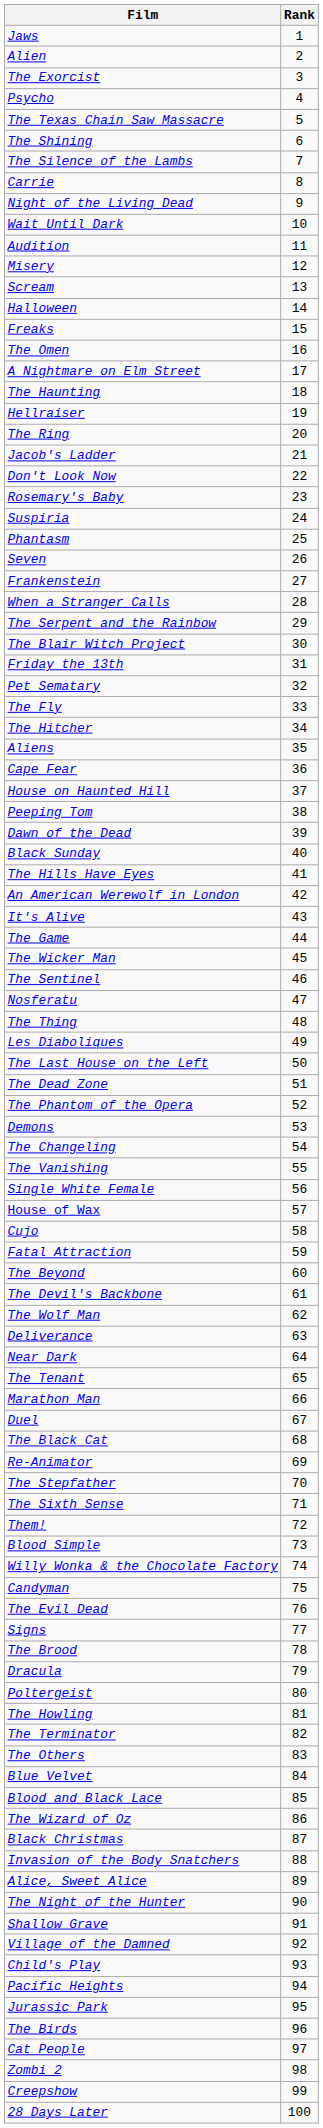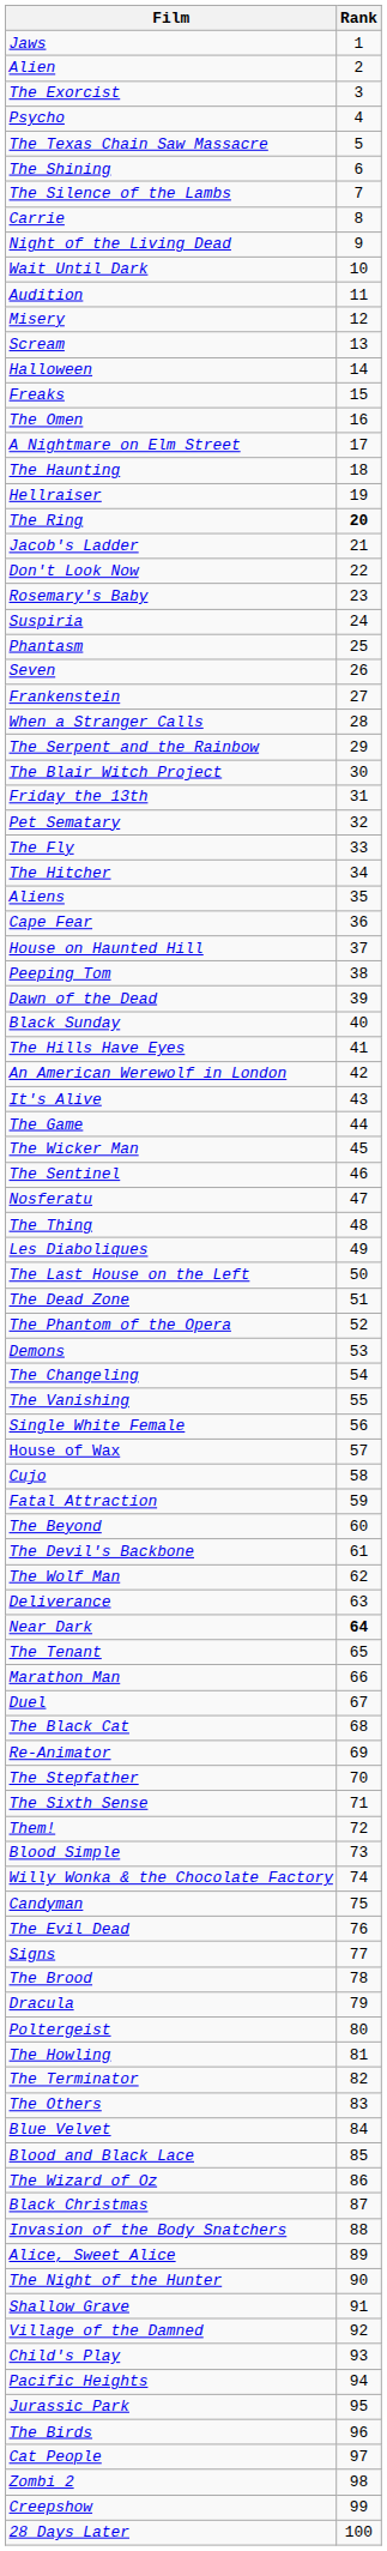 <table class="sortable wikitable" style="text-align:center; white-space:nowrap;">
 <tr>
 <th>Film</th>
 <th>Rank</th>
 </tr>
 <tr>
 <td align="left"><em><a href='#'>Jaws</a></em></td>
 <td>1</td>
 </tr>
 <tr>
 <td align="left"><em><a href='#'>Alien</a></em></td>
 <td>2</td>
 </tr>
 <tr>
 <td align="left"><em><a href='#'>The Exorcist</a></em></td>
 <td>3</td>
 </tr>
 <tr>
 <td align="left"><em><a href='#'>Psycho</a></em></td>
 <td>4</td>
 </tr>
 <tr>
 <td align="left"><em><a href='#'>The Texas Chain Saw Massacre</a></em></td>
 <td>5</td>
 </tr>
 <tr>
 <td align="left"><em><a href='#'>The Shining</a></em></td>
 <td>6</td>
 </tr>
 <tr>
 <td align="left"><em><a href='#'>The Silence of the Lambs</a></em></td>
 <td>7</td>
 </tr>
 <tr>
 <td align="left"><em><a href='#'>Carrie</a></em></td>
 <td>8</td>
 </tr>
 <tr>
 <td align="left"><em><a href='#'>Night of the Living Dead</a></em></td>
 <td>9</td>
 </tr>
 <tr>
 <td align="left"><em><a href='#'>Wait Until Dark</a></em></td>
 <td>10</td>
 </tr>
 <tr>
 <td align="left"><em><a href='#'>Audition</a></em></td>
 <td>11</td>
 </tr>
 <tr>
 <td align="left"><em><a href='#'>Misery</a></em></td>
 <td>12</td>
 </tr>
 <tr>
 <td align="left"><em><a href='#'>Scream</a></em></td>
 <td>13</td>
 </tr>
 <tr>
 <td align="left"><em><a href='#'>Halloween</a></em></td>
 <td>14</td>
 </tr>
 <tr>
 <td align="left"><em><a href='#'>Freaks</a></em></td>
 <td>15</td>
 </tr>
 <tr>
 <td align="left"><em><a href='#'>The Omen</a></em></td>
 <td>16</td>
 </tr>
 <tr>
 <td align="left"><em><a href='#'>A Nightmare on Elm Street</a></em></td>
 <td>17</td>
 </tr>
 <tr>
 <td align="left"><em><a href='#'>The Haunting</a></em></td>
 <td>18</td>
 </tr>
 <tr>
 <td align="left"><em><a href='#'>Hellraiser</a></em></td>
 <td>19</td>
 </tr>
 <tr>
 <td align="left"><em><a href='#'>The Ring</a></em></td>
-<td>20</td>
+<td><strong>20</strong></td>
 </tr>
 <tr>
 <td align="left"><em><a href='#'>Jacob's Ladder</a></em></td>
 <td>21</td>
 </tr>
 <tr>
 <td align="left"><em><a href='#'>Don't Look Now</a></em></td>
 <td>22</td>
 </tr>
 <tr>
 <td align="left"><em><a href='#'>Rosemary's Baby</a></em></td>
 <td>23</td>
 </tr>
 <tr>
 <td align="left"><em><a href='#'>Suspiria</a></em></td>
 <td>24</td>
 </tr>
 <tr>
 <td align="left"><em><a href='#'>Phantasm</a></em></td>
 <td>25</td>
 </tr>
 <tr>
 <td align="left"><em><a href='#'>Seven</a></em></td>
 <td>26</td>
 </tr>
 <tr>
 <td align="left"><em><a href='#'>Frankenstein</a></em></td>
 <td>27</td>
 </tr>
 <tr>
 <td align="left"><em><a href='#'>When a Stranger Calls</a></em></td>
 <td>28</td>
 </tr>
 <tr>
 <td align="left"><em><a href='#'>The Serpent and the Rainbow</a></em></td>
 <td>29</td>
 </tr>
 <tr>
 <td align="left"><em><a href='#'>The Blair Witch Project</a></em></td>
 <td>30</td>
 </tr>
 <tr>
 <td align="left"><em><a href='#'>Friday the 13th</a></em></td>
 <td>31</td>
 </tr>
 <tr>
 <td align="left"><em><a href='#'>Pet Sematary</a></em></td>
 <td>32</td>
 </tr>
 <tr>
 <td align="left"><em><a href='#'>The Fly</a></em></td>
 <td>33</td>
 </tr>
 <tr>
 <td align="left"><em><a href='#'>The Hitcher</a></em></td>
 <td>34</td>
 </tr>
 <tr>
 <td align="left"><em><a href='#'>Aliens</a></em></td>
 <td>35</td>
 </tr>
 <tr>
 <td align="left"><em><a href='#'>Cape Fear</a></em></td>
 <td>36</td>
 </tr>
 <tr>
 <td align="left"><em><a href='#'>House on Haunted Hill</a></em></td>
 <td>37</td>
 </tr>
 <tr>
 <td align="left"><em><a href='#'>Peeping Tom</a></em></td>
 <td>38</td>
 </tr>
 <tr>
 <td align="left"><em><a href='#'>Dawn of the Dead</a></em></td>
 <td>39</td>
 </tr>
 <tr>
 <td align="left"><em><a href='#'>Black Sunday</a></em></td>
 <td>40</td>
 </tr>
 <tr>
 <td align="left"><em><a href='#'>The Hills Have Eyes</a></em></td>
 <td>41</td>
 </tr>
 <tr>
 <td align="left"><em><a href='#'>An American Werewolf in London</a></em></td>
 <td>42</td>
 </tr>
 <tr>
 <td align="left"><em><a href='#'>It's Alive</a></em></td>
 <td>43</td>
 </tr>
 <tr>
 <td align="left"><em><a href='#'>The Game</a></em></td>
 <td>44</td>
 </tr>
 <tr>
 <td align="left"><em><a href='#'>The Wicker Man</a></em></td>
 <td>45</td>
 </tr>
 <tr>
 <td align="left"><em><a href='#'>The Sentinel</a></em></td>
 <td>46</td>
 </tr>
 <tr>
 <td align="left"><em><a href='#'>Nosferatu</a></em></td>
 <td>47</td>
 </tr>
 <tr>
 <td align="left"><em><a href='#'>The Thing</a></em></td>
 <td>48</td>
 </tr>
 <tr>
 <td align="left"><em><a href='#'>Les Diaboliques</a></em></td>
 <td>49</td>
 </tr>
 <tr>
 <td align="left"><em><a href='#'>The Last House on the Left</a></em></td>
 <td>50</td>
 </tr>
 <tr>
 <td align="left"><em><a href='#'>The Dead Zone</a></em></td>
 <td>51</td>
 </tr>
 <tr>
 <td align="left"><em><a href='#'>The Phantom of the Opera</a></em></td>
 <td>52</td>
 </tr>
 <tr>
 <td align="left"><em><a href='#'>Demons</a></em></td>
 <td>53</td>
 </tr>
 <tr>
 <td align="left"><em><a href='#'>The Changeling</a></em></td>
 <td>54</td>
 </tr>
 <tr>
 <td align="left"><em><a href='#'>The Vanishing</a></em></td>
 <td>55</td>
 </tr>
 <tr>
 <td align="left"><em><a href='#'>Single White Female</a></em></td>
 <td>56</td>
 </tr>
 <tr>
 <td align="left"><em><a href='#'></em>House of Wax<em></a></em></td>
 <td>57</td>
 </tr>
 <tr>
 <td align="left"><em><a href='#'>Cujo</a></em></td>
 <td>58</td>
 </tr>
 <tr>
 <td align="left"><em><a href='#'>Fatal Attraction</a></em></td>
 <td>59</td>
 </tr>
 <tr>
 <td align="left"><em><a href='#'>The Beyond</a></em></td>
 <td>60</td>
 </tr>
 <tr>
 <td align="left"><em><a href='#'>The Devil's Backbone</a></em></td>
 <td>61</td>
 </tr>
 <tr>
 <td align="left"><em><a href='#'>The Wolf Man</a></em></td>
 <td>62</td>
 </tr>
 <tr>
 <td align="left"><em><a href='#'>Deliverance</a></em></td>
 <td>63</td>
 </tr>
 <tr>
 <td align="left"><em><a href='#'>Near Dark</a></em></td>
-<td>64</td>
+<td><strong>64</strong></td>
 </tr>
 <tr>
 <td align="left"><em><a href='#'>The Tenant</a></em></td>
 <td>65</td>
 </tr>
 <tr>
 <td align="left"><em><a href='#'>Marathon Man</a></em></td>
 <td>66</td>
 </tr>
 <tr>
 <td align="left"><em><a href='#'>Duel</a></em></td>
 <td>67</td>
 </tr>
 <tr>
 <td align="left"><em><a href='#'>The Black Cat</a></em></td>
 <td>68</td>
 </tr>
 <tr>
 <td align="left"><em><a href='#'>Re-Animator</a></em></td>
 <td>69</td>
 </tr>
 <tr>
 <td align="left"><em><a href='#'>The Stepfather</a></em></td>
 <td>70</td>
 </tr>
 <tr>
 <td align="left"><em><a href='#'>The Sixth Sense</a></em></td>
 <td>71</td>
 </tr>
 <tr>
 <td align="left"><em><a href='#'>Them!</a></em></td>
 <td>72</td>
 </tr>
 <tr>
 <td align="left"><em><a href='#'>Blood Simple</a></em></td>
 <td>73</td>
 </tr>
 <tr>
 <td align="left"><em><a href='#'>Willy Wonka & the Chocolate Factory</a></em></td>
 <td>74</td>
 </tr>
 <tr>
 <td align="left"><em><a href='#'>Candyman</a></em></td>
 <td>75</td>
 </tr>
 <tr>
 <td align="left"><em><a href='#'>The Evil Dead</a></em></td>
 <td>76</td>
 </tr>
 <tr>
 <td align="left"><em><a href='#'>Signs</a></em></td>
 <td>77</td>
 </tr>
 <tr>
 <td align="left"><em><a href='#'>The Brood</a></em></td>
 <td>78</td>
 </tr>
 <tr>
 <td align="left"><em><a href='#'>Dracula</a></em></td>
 <td>79</td>
 </tr>
 <tr>
 <td align="left"><em><a href='#'>Poltergeist</a></em></td>
 <td>80</td>
 </tr>
 <tr>
 <td align="left"><em><a href='#'>The Howling</a></em></td>
 <td>81</td>
 </tr>
 <tr>
 <td align="left"><em><a href='#'>The Terminator</a></em></td>
 <td>82</td>
 </tr>
 <tr>
 <td align="left"><em><a href='#'>The Others</a></em></td>
 <td>83</td>
 </tr>
 <tr>
 <td align="left"><em><a href='#'>Blue Velvet</a></em></td>
 <td>84</td>
 </tr>
 <tr>
 <td align="left"><em><a href='#'>Blood and Black Lace</a></em></td>
 <td>85</td>
 </tr>
 <tr>
 <td align="left"><em><a href='#'>The Wizard of Oz</a></em></td>
 <td>86</td>
 </tr>
 <tr>
 <td align="left"><em><a href='#'>Black Christmas</a></em></td>
 <td>87</td>
 </tr>
 <tr>
 <td align="left"><em><a href='#'>Invasion of the Body Snatchers</a></em></td>
 <td>88</td>
 </tr>
 <tr>
 <td align="left"><em><a href='#'>Alice, Sweet Alice</a></em></td>
 <td>89</td>
 </tr>
 <tr>
 <td align="left"><em><a href='#'>The Night of the Hunter</a></em></td>
 <td>90</td>
 </tr>
 <tr>
 <td align="left"><em><a href='#'>Shallow Grave</a></em></td>
 <td>91</td>
 </tr>
 <tr>
 <td align="left"><em><a href='#'>Village of the Damned</a></em></td>
 <td>92</td>
 </tr>
 <tr>
 <td align="left"><em><a href='#'>Child's Play</a></em></td>
 <td>93</td>
 </tr>
 <tr>
 <td align="left"><em><a href='#'>Pacific Heights</a></em></td>
 <td>94</td>
 </tr>
 <tr>
 <td align="left"><em><a href='#'>Jurassic Park</a></em></td>
 <td>95</td>
 </tr>
 <tr>
 <td align="left"><em><a href='#'>The Birds</a></em></td>
 <td>96</td>
 </tr>
 <tr>
 <td align="left"><em><a href='#'>Cat People</a></em></td>
 <td>97</td>
 </tr>
 <tr>
 <td align="left"><em><a href='#'>Zombi 2</a></em></td>
 <td>98</td>
 </tr>
 <tr>
 <td align="left"><em><a href='#'>Creepshow</a></em></td>
 <td>99</td>
 </tr>
 <tr>
 <td align="left"><em><a href='#'>28 Days Later</a></em></td>
 <td>100</td>
 </tr>
 </table>
